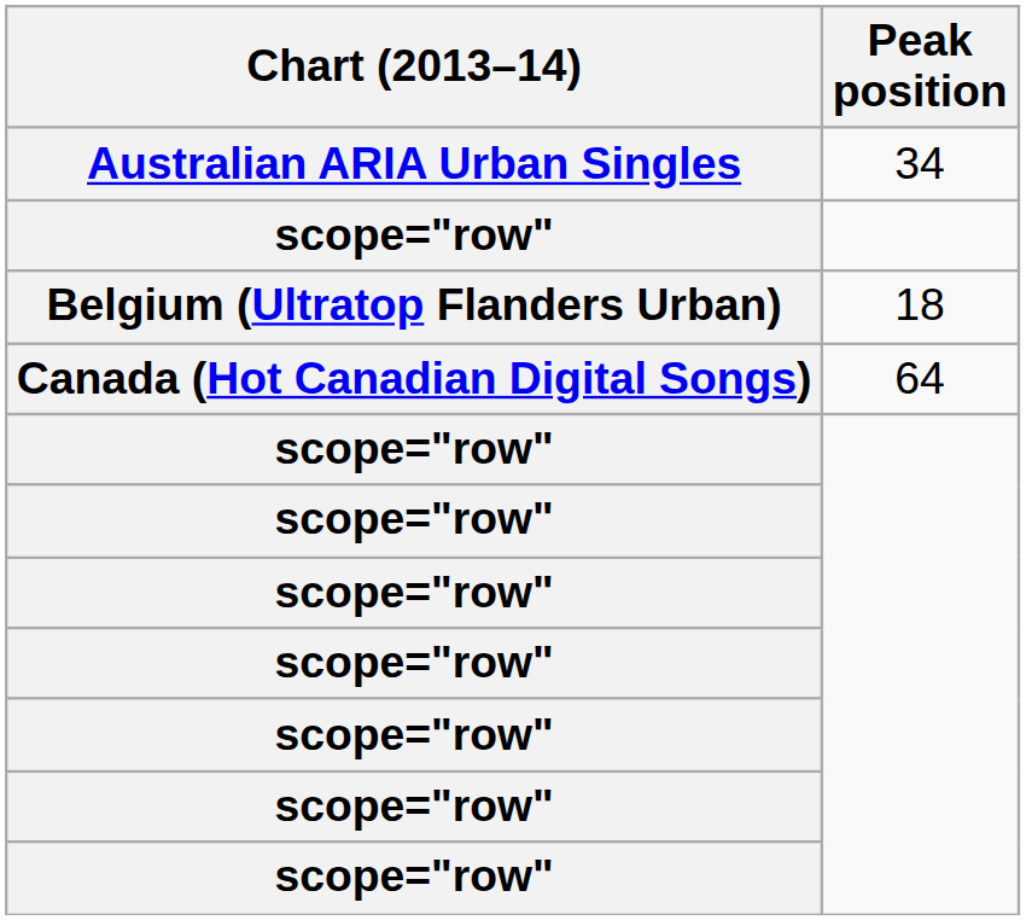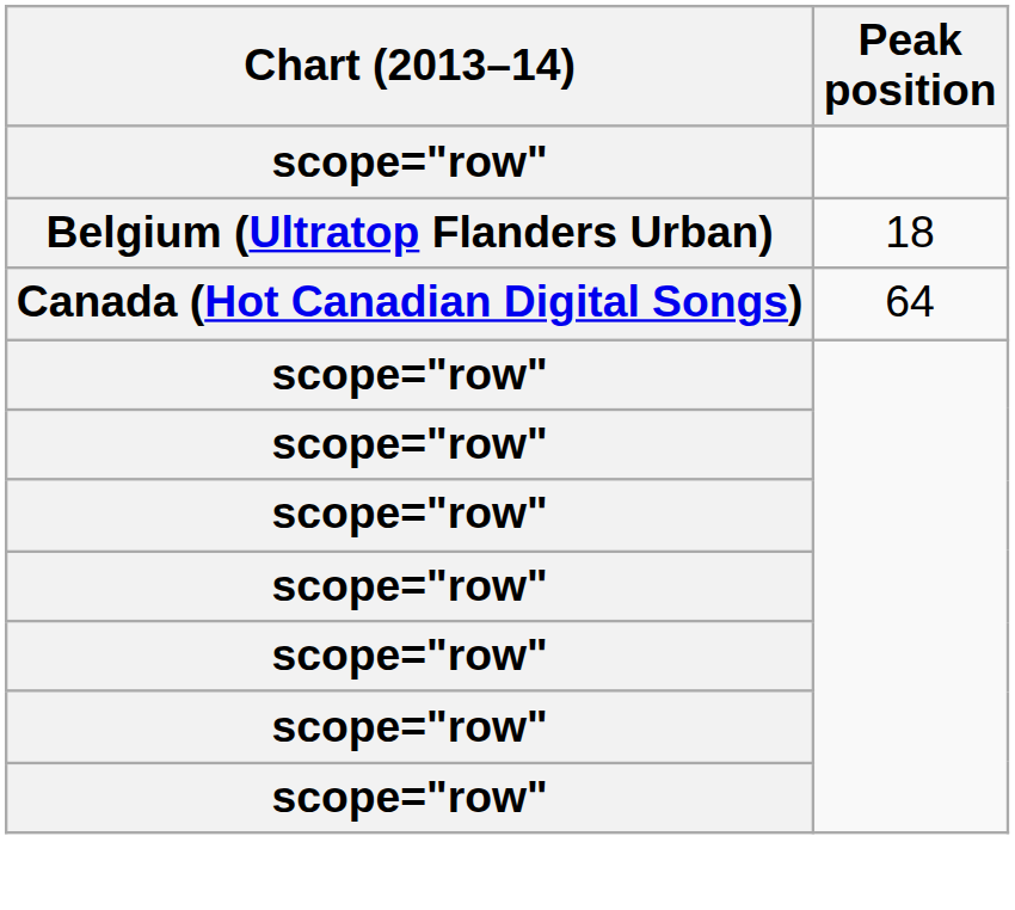 <table class="wikitable sortable plainrowheaders">
 <tr>
 <th>Chart (2013–14)</th>
 <th>Peak<br>position</th>
-</tr>
-<tr>
-<th scope="row"><a href='#'>Australian ARIA Urban Singles</a></th>
-<td align="center">34</td>
 </tr>
 <tr>
 <th>scope="row"</th>
 </tr>
 <tr>
 <th scope="row">Belgium (<a href='#'>Ultratop</a> Flanders Urban)</th>
 <td style="text-align:center;">18</td>
 </tr>
 <tr>
 <th scope="row">Canada (<a href='#'>Hot Canadian Digital Songs</a>)</th>
 <td align=center>64</td>
 </tr>
 <tr>
 <th>scope="row"</th>
 </tr>
 <tr>
 <th>scope="row"</th>
 </tr>
 <tr>
 <th>scope="row"</th>
 </tr>
 <tr>
 <th>scope="row"</th>
 </tr>
 <tr>
 <th>scope="row"</th>
 </tr>
 <tr>
 <th>scope="row"</th>
 </tr>
 <tr>
 <th>scope="row"</th>
 </tr>
 </table>
